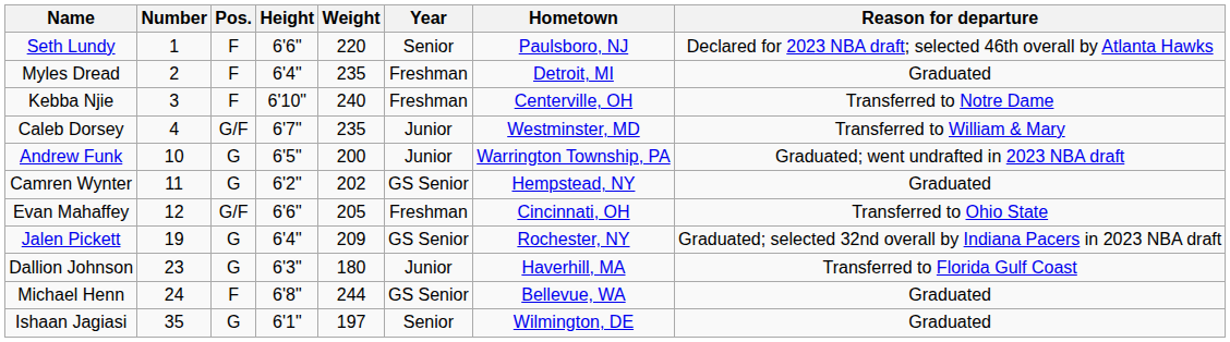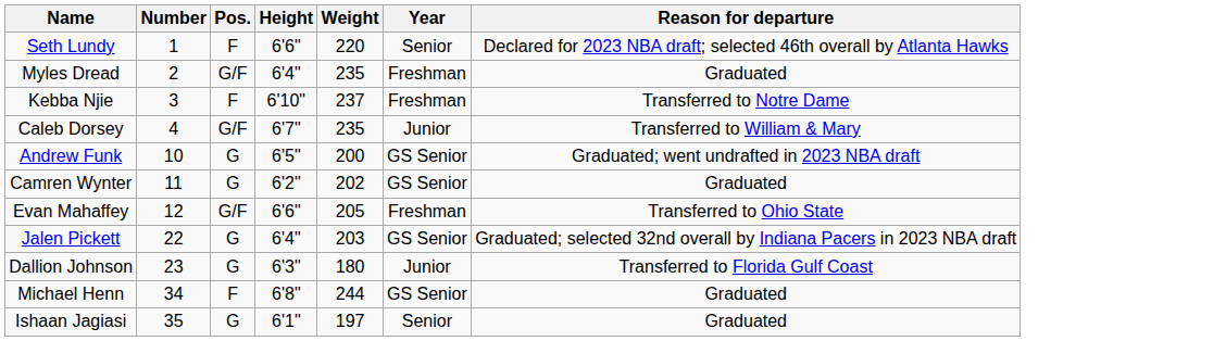 <table class="wikitable sortable sortable" style="text-align:center">
 <tr align=center>
 <th>Name</th>
 <th>Number</th>
 <th>Pos.</th>
 <th>Height</th>
 <th>Weight</th>
 <th>Year</th>
-<th>Hometown</th>
 <th class="unsortable">Reason for departure</th>
 </tr>
 <tr>
 <td><a href='#'>Seth Lundy</a></td>
 <td>1</td>
 <td>F</td>
 <td>6'6"</td>
 <td>220</td>
 <td>Senior</td>
-<td><a href='#'>Paulsboro, NJ</a></td>
 <td>Declared for <a href='#'>2023 NBA draft</a>; selected 46th overall by <a href='#'>Atlanta Hawks</a></td>
 </tr>
 <tr>
 <td>Myles Dread</td>
 <td>2</td>
-<td>F</td>
+<td>G/F</td>
 <td>6'4"</td>
 <td>235</td>
 <td>Freshman</td>
-<td><a href='#'>Detroit, MI</a></td>
 <td>Graduated</td>
 </tr>
 <tr>
 <td>Kebba Njie</td>
 <td>3</td>
 <td>F</td>
 <td>6'10"</td>
-<td>240</td>
+<td>237</td>
 <td>Freshman</td>
-<td><a href='#'>Centerville, OH</a></td>
 <td>Transferred to <a href='#'>Notre Dame</a></td>
 </tr>
 <tr>
 <td>Caleb Dorsey</td>
 <td>4</td>
 <td>G/F</td>
 <td>6'7"</td>
 <td>235</td>
 <td>Junior</td>
-<td><a href='#'>Westminster, MD</a></td>
 <td>Transferred to <a href='#'>William & Mary</a></td>
 </tr>
 <tr>
 <td><a href='#'>Andrew Funk</a></td>
 <td>10</td>
 <td>G</td>
 <td>6'5"</td>
 <td>200</td>
-<td>Junior</td>
-<td><a href='#'>Warrington Township, PA</a></td>
+<td>GS Senior</td>
 <td>Graduated; went undrafted in <a href='#'>2023 NBA draft</a></td>
 </tr>
 <tr>
 <td>Camren Wynter</td>
 <td>11</td>
 <td>G</td>
 <td>6'2"</td>
 <td>202</td>
 <td>GS Senior</td>
-<td><a href='#'>Hempstead, NY</a></td>
 <td>Graduated</td>
 </tr>
 <tr>
 <td>Evan Mahaffey</td>
 <td>12</td>
 <td>G/F</td>
 <td>6'6"</td>
 <td>205</td>
 <td>Freshman</td>
-<td><a href='#'>Cincinnati, OH</a></td>
 <td>Transferred to <a href='#'>Ohio State</a></td>
 </tr>
 <tr>
 <td><a href='#'>Jalen Pickett</a></td>
-<td>19</td>
+<td>22</td>
 <td>G</td>
 <td>6'4"</td>
-<td>209</td>
+<td>203</td>
 <td>GS Senior</td>
-<td><a href='#'>Rochester, NY</a></td>
 <td>Graduated; selected 32nd overall by <a href='#'>Indiana Pacers</a> in 2023 NBA draft</td>
 </tr>
 <tr>
 <td>Dallion Johnson</td>
 <td>23</td>
 <td>G</td>
 <td>6'3"</td>
 <td>180</td>
 <td>Junior</td>
-<td><a href='#'>Haverhill, MA</a></td>
 <td>Transferred to <a href='#'>Florida Gulf Coast</a></td>
 </tr>
 <tr>
 <td>Michael Henn</td>
-<td>24</td>
+<td>34</td>
 <td>F</td>
 <td>6'8"</td>
 <td>244</td>
 <td>GS Senior</td>
-<td><a href='#'>Bellevue, WA</a></td>
 <td>Graduated</td>
 </tr>
 <tr>
 <td>Ishaan Jagiasi</td>
 <td>35</td>
 <td>G</td>
 <td>6'1"</td>
 <td>197</td>
 <td>Senior</td>
-<td><a href='#'>Wilmington, DE</a></td>
 <td>Graduated</td>
 </tr>
 </table>
